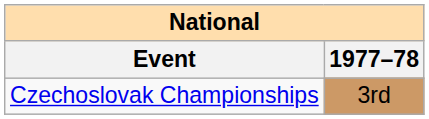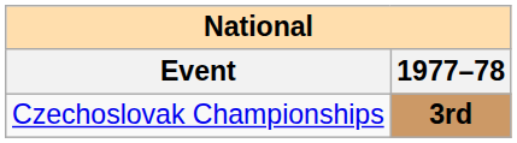 <table class="wikitable" style="text-align:center">
 <tr>
 <th style="background-color: #ffdead; " colspan=2 align=center>National</th>
 </tr>
 <tr>
 <th>Event</th>
 <th>1977–78</th>
 </tr>
 <tr>
 <td align=left><a href='#'>Czechoslovak Championships</a></td>
-<td bgcolor=cc9966>3rd</td>
+<td bgcolor=cc9966><strong>3rd</strong></td>
 </tr>
 </table>
